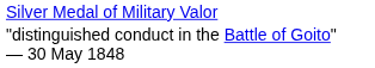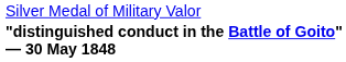 <table>
 <tr>
 <td rowspan=2 style="width:60px; vertical-align:top;"></td>
 <td><a href='#'>Silver Medal of Military Valor</a></td>
 </tr>
 <tr>
-<td>"distinguished conduct in the <a href='#'>Battle of Goito</a>"<br>— 30 May 1848</td>
+<td><strong>"distinguished conduct in the <a href='#'>Battle of Goito</a>"<br>— 30 May 1848</strong></td>
 </tr>
 </table>
